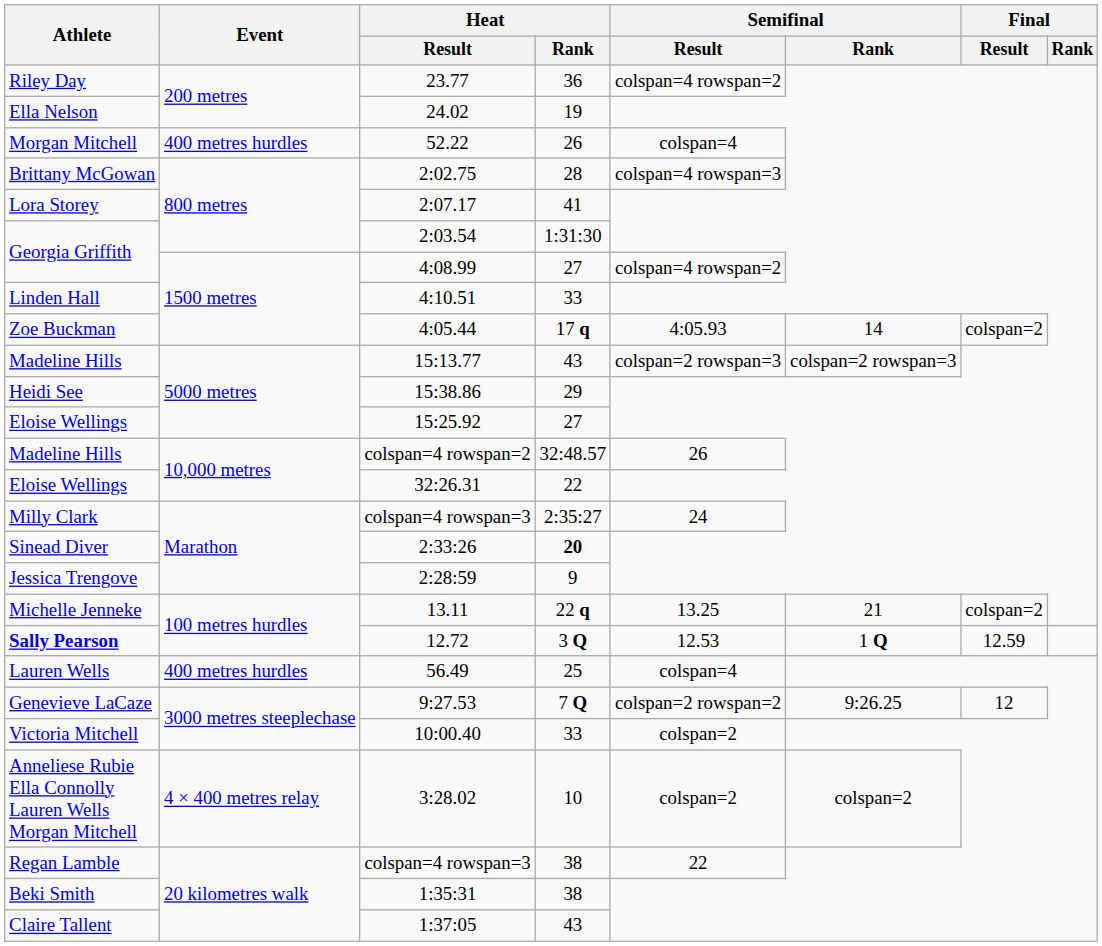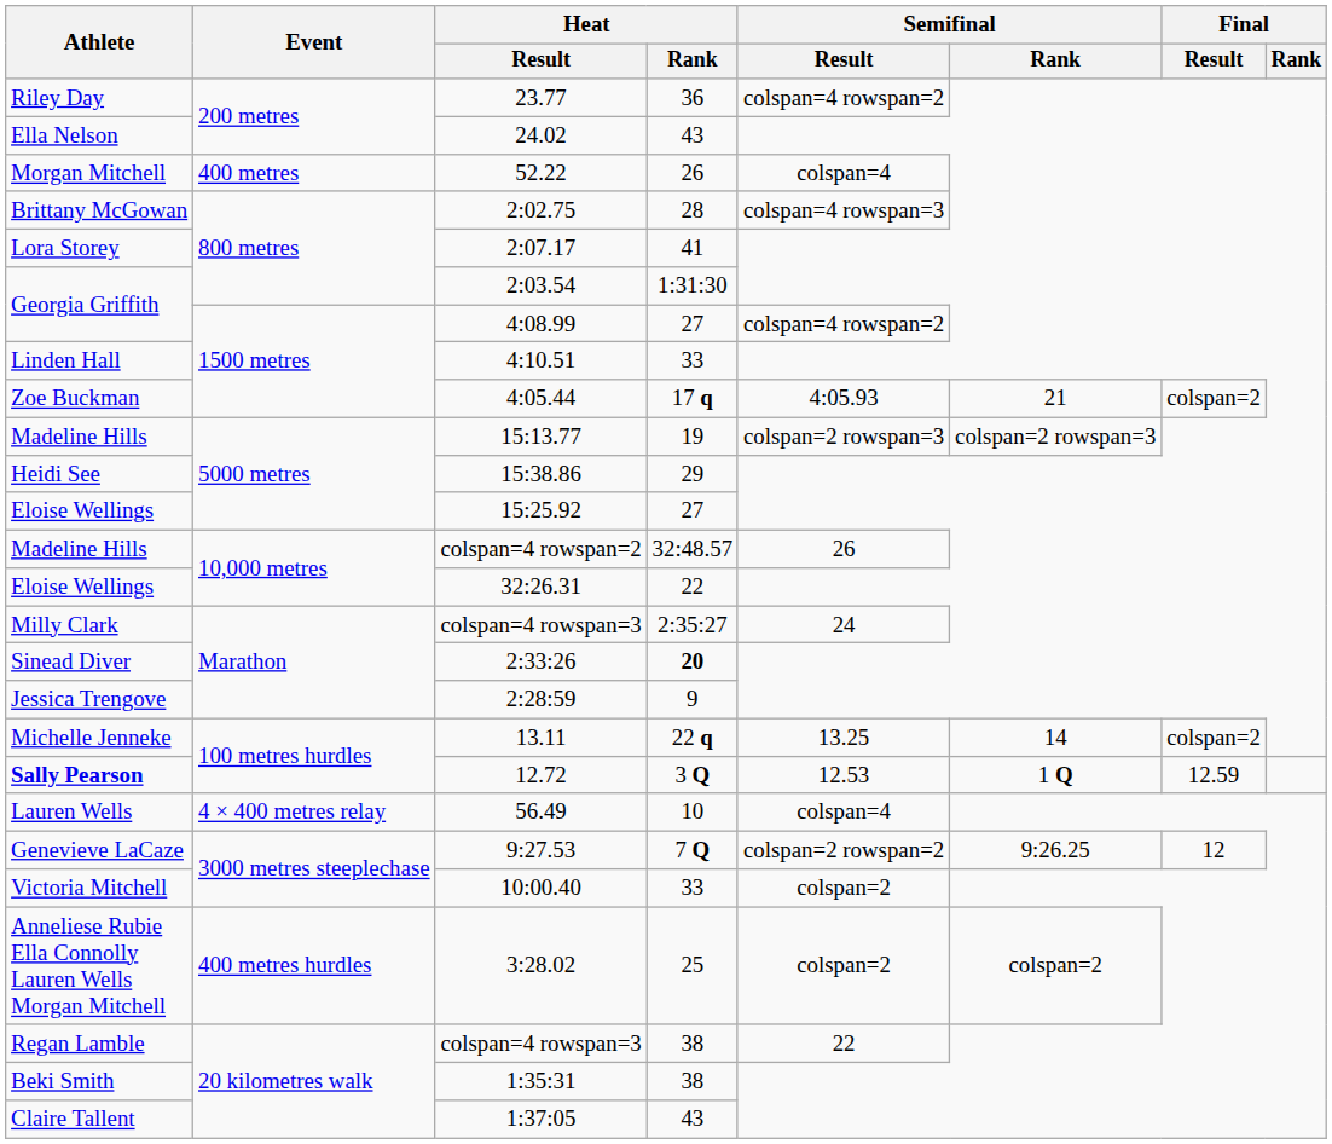 <table class=wikitable style=font-size:90%>
 <tr>
 <th rowspan=2>Athlete</th>
 <th rowspan=2>Event</th>
 <th colspan=2>Heat</th>
 <th colspan=2>Semifinal</th>
 <th colspan=2>Final</th>
 </tr>
 <tr style=font-size:95%>
 <th>Result</th>
 <th>Rank</th>
 <th>Result</th>
 <th>Rank</th>
 <th>Result</th>
 <th>Rank</th>
 </tr>
 <tr align=center>
 <td align=left><a href='#'>Riley Day</a></td>
 <td align=left rowspan=2><a href='#'>200 metres</a></td>
 <td>23.77</td>
 <td>36</td>
 <td>colspan=4 rowspan=2 </td>
 </tr>
 <tr align=center>
 <td align=left><a href='#'>Ella Nelson</a></td>
 <td>24.02</td>
-<td>19</td>
+<td>43</td>
 </tr>
 <tr align=center>
 <td align=left><a href='#'>Morgan Mitchell</a></td>
-<td align=left><a href='#'>400 metres hurdles</a></td>
+<td align=left><a href='#'>400 metres</a></td>
 <td>52.22</td>
 <td>26</td>
 <td>colspan=4 </td>
 </tr>
 <tr align=center>
 <td align=left><a href='#'>Brittany McGowan</a></td>
 <td align=left rowspan=3><a href='#'>800 metres</a></td>
 <td>2:02.75</td>
 <td>28</td>
 <td>colspan=4 rowspan=3 </td>
 </tr>
 <tr align=center>
 <td align=left><a href='#'>Lora Storey</a></td>
 <td>2:07.17</td>
 <td>41</td>
 </tr>
 <tr align=center>
 <td align=left rowspan=2><a href='#'>Georgia Griffith</a></td>
 <td>2:03.54</td>
 <td>1:31:30</td>
 </tr>
 <tr align=center>
 <td align=left rowspan=3><a href='#'>1500 metres</a></td>
 <td>4:08.99</td>
 <td>27</td>
 <td>colspan=4 rowspan=2 </td>
 </tr>
 <tr align=center>
 <td align=left><a href='#'>Linden Hall</a></td>
 <td>4:10.51</td>
 <td>33</td>
 </tr>
 <tr align=center>
 <td align=left><a href='#'>Zoe Buckman</a></td>
 <td>4:05.44</td>
 <td>17 <strong>q</strong></td>
 <td>4:05.93</td>
-<td>14</td>
+<td>21</td>
 <td>colspan=2 </td>
 </tr>
 <tr align=center>
 <td align=left><a href='#'>Madeline Hills</a></td>
 <td align=left rowspan=3><a href='#'>5000 metres</a></td>
 <td>15:13.77</td>
-<td>43</td>
+<td>19</td>
 <td>colspan=2 rowspan=3 </td>
 <td>colspan=2 rowspan=3 </td>
 </tr>
 <tr align=center>
 <td align=left><a href='#'>Heidi See</a></td>
 <td>15:38.86</td>
 <td>29</td>
 </tr>
 <tr align=center>
 <td align=left><a href='#'>Eloise Wellings</a></td>
 <td>15:25.92</td>
 <td>27</td>
 </tr>
 <tr align=center>
 <td align=left><a href='#'>Madeline Hills</a></td>
 <td align=left rowspan=2><a href='#'>10,000 metres</a></td>
 <td>colspan=4 rowspan=2 </td>
 <td>32:48.57</td>
 <td>26</td>
 </tr>
 <tr align=center>
 <td align=left><a href='#'>Eloise Wellings</a></td>
 <td>32:26.31 <strong></strong></td>
 <td>22</td>
 </tr>
 <tr align=center>
 <td align=left><a href='#'>Milly Clark</a></td>
 <td align=left rowspan=3><a href='#'>Marathon</a></td>
 <td>colspan=4 rowspan=3 </td>
 <td>2:35:27</td>
 <td>24</td>
 </tr>
 <tr align=center>
 <td align=left><a href='#'>Sinead Diver</a></td>
 <td>2:33:26</td>
 <td><strong>20</strong></td>
 </tr>
 <tr align=center>
 <td align=left><a href='#'>Jessica Trengove</a></td>
 <td>2:28:59</td>
 <td>9</td>
 </tr>
 <tr align=center>
 <td align=left><a href='#'>Michelle Jenneke</a></td>
 <td align=left rowspan=2><a href='#'>100 metres hurdles</a></td>
 <td>13.11</td>
 <td>22 <strong>q</strong></td>
 <td>13.25</td>
-<td>21</td>
+<td>14</td>
 <td>colspan=2 </td>
 </tr>
 <tr align=center>
 <td align=left><strong><a href='#'>Sally Pearson</a></strong></td>
 <td>12.72</td>
 <td>3 <strong>Q</strong></td>
 <td>12.53</td>
 <td>1 <strong>Q</strong></td>
 <td>12.59</td>
 <td></td>
 </tr>
 <tr align=center>
 <td align=left><a href='#'>Lauren Wells</a></td>
-<td align=left><a href='#'>400 metres hurdles</a></td>
+<td align=left><a href='#'>4 × 400 metres relay</a></td>
 <td>56.49</td>
-<td>25</td>
+<td>10</td>
 <td>colspan=4 </td>
 </tr>
 <tr align=center>
 <td align=left><a href='#'>Genevieve LaCaze</a></td>
 <td align=left rowspan=2><a href='#'>3000 metres steeplechase</a></td>
 <td>9:27.53 <strong></strong></td>
 <td>7 <strong>Q</strong></td>
 <td>colspan=2 rowspan=2 </td>
 <td>9:26.25 <strong></strong></td>
 <td>12</td>
 </tr>
 <tr align=center>
 <td align=left><a href='#'>Victoria Mitchell</a></td>
 <td>10:00.40</td>
 <td>33</td>
 <td>colspan=2 </td>
 </tr>
 <tr align=center>
 <td align=left><a href='#'>Anneliese Rubie</a><br><a href='#'>Ella Connolly</a><br><a href='#'>Lauren Wells</a><br><a href='#'>Morgan Mitchell</a></td>
-<td align=left><a href='#'>4 × 400 metres relay</a></td>
+<td align=left><a href='#'>400 metres hurdles</a></td>
 <td>3:28.02 <strong></strong></td>
-<td>10</td>
+<td>25</td>
 <td>colspan=2 </td>
 <td>colspan=2 </td>
 </tr>
 <tr align=center>
 <td align=left><a href='#'>Regan Lamble</a></td>
 <td align=left rowspan=3><a href='#'>20 kilometres walk</a></td>
 <td>colspan=4 rowspan=3 </td>
 <td>38</td>
 <td>22</td>
 </tr>
 <tr align=center>
 <td align=left><a href='#'>Beki Smith</a></td>
 <td>1:35:31</td>
 <td>38</td>
 </tr>
 <tr align=center>
 <td align=left><a href='#'>Claire Tallent</a></td>
 <td>1:37:05 <strong></strong></td>
 <td>43</td>
 </tr>
 </table>
